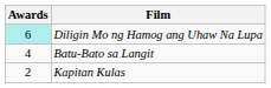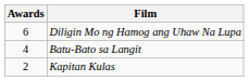 <table class="wikitable" style="text-align:center">
 <tr>
 <th scope="col">Awards</th>
 <th scope="col">Film</th>
 </tr>
 <tr>
-<td style="background: paleturquoise;">6</td>
+<td>6</td>
 <td align=left><em>Diligin Mo ng Hamog ang Uhaw Na Lupa</em></td>
 </tr>
 <tr>
 <td>4</td>
 <td align=left><em>Batu-Bato sa Langit</em></td>
 </tr>
 <tr>
 <td>2</td>
 <td align=left><em>Kapitan Kulas</em></td>
 </tr>
 </table>
